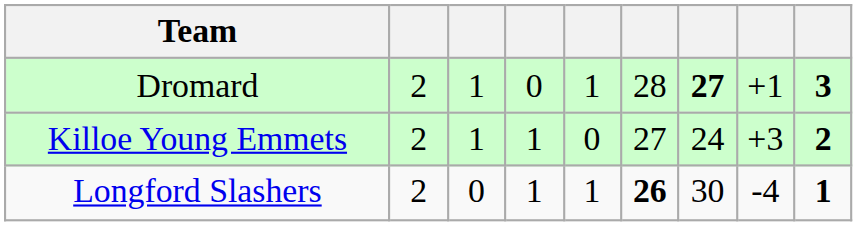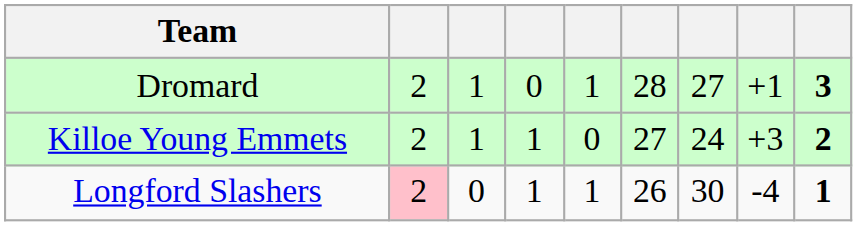 <table class="wikitable" style="text-align:center">
 <tr>
 <th style="width:175px;">Team</th>
 <th width="20"></th>
 <th width="20"></th>
 <th width="20"></th>
 <th width="20"></th>
 <th width="20"></th>
 <th width="20"></th>
 <th width="20"></th>
 <th width="20"></th>
 </tr>
 <tr style="background:#cfc;">
 <td>Dromard</td>
 <td>2</td>
 <td>1</td>
 <td>0</td>
 <td>1</td>
 <td>28</td>
-<td><strong>27</strong></td>
+<td>27</td>
 <td>+1</td>
 <td><strong>3</strong></td>
 </tr>
 <tr style="background:#cfc;">
 <td><a href='#'>Killoe Young Emmets</a></td>
 <td>2</td>
 <td>1</td>
 <td>1</td>
 <td>0</td>
 <td>27</td>
 <td>24</td>
 <td>+3</td>
 <td><strong>2</strong></td>
 </tr>
 <tr>
 <td><a href='#'>Longford Slashers</a></td>
-<td>2</td>
+<td style="background: pink;">2</td>
 <td>0</td>
 <td>1</td>
 <td>1</td>
-<td><strong>26</strong></td>
+<td>26</td>
 <td>30</td>
 <td>-4</td>
 <td><strong>1</strong></td>
 </tr>
 </table>
